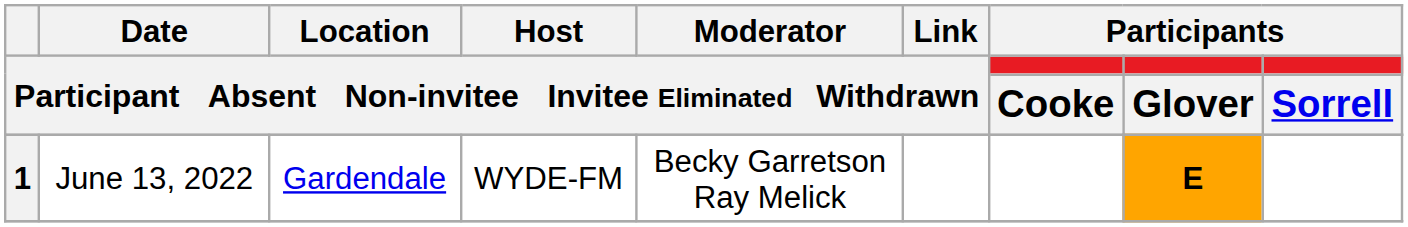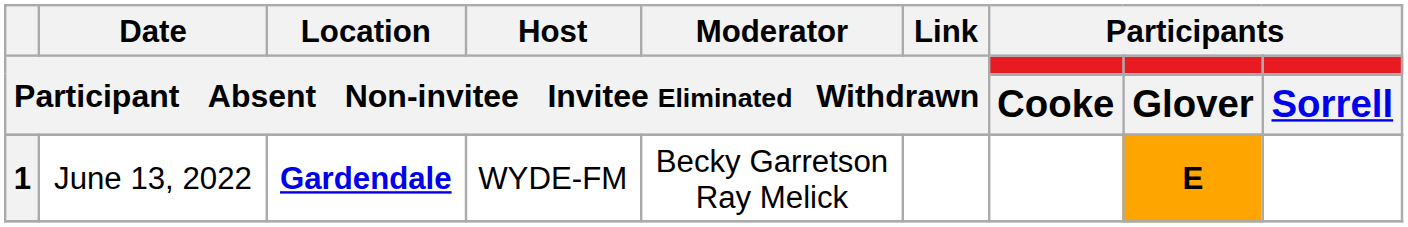 <table class="wikitable" style="text-align:center;">
 <tr style="font-size:small;">
 <th scope="col"></th>
 <th scope="col">Date</th>
 <th scope="col">Location</th>
 <th scope="col">Host</th>
 <th scope="col">Moderator</th>
 <th scope="col">Link</th>
 <th scope="col" colspan="9">Participants</th>
 </tr>
 <tr>
 <th colspan="6" rowspan="2"> <small>Participant  </small> <small>Absent  </small> <small>Non-invitee  </small> <small>Invitee <small>Eliminated  </small> Withdrawn</small></th>
 <th scope="col" style="background:#E81B23;"></th>
 <th scope="col" style="background:#E81B23;"></th>
 <th scope="col" style="background:#E81B23;"></th>
 </tr>
 <tr>
 <th scope="col">Cooke</th>
 <th scope="col">Glover</th>
 <th scope="col"><a href='#'>Sorrell</a></th>
 </tr>
 <tr>
 </tr>
 <tr style="background:#FFFFFF;font-size:small;">
 <th scope="row">1</th>
 <td style="white-space:nowrap;">June 13, 2022</td>
-<td style="white-space:nowrap;"><a href='#'>Gardendale</a></td>
+<td style="white-space:nowrap;"><strong><a href='#'>Gardendale</a></strong></td>
 <td style="white-space:nowrap;">WYDE-FM</td>
 <td style="white-space:nowrap;">Becky Garretson<br>Ray Melick</td>
 <td style="white-space:nowrap;"></td>
 <td></td>
 <td style="background:#FFA500; color:black; text-align:center;"><strong>E</strong></td>
 <td></td>
 </tr>
 <tr>
 </tr>
 </table>
